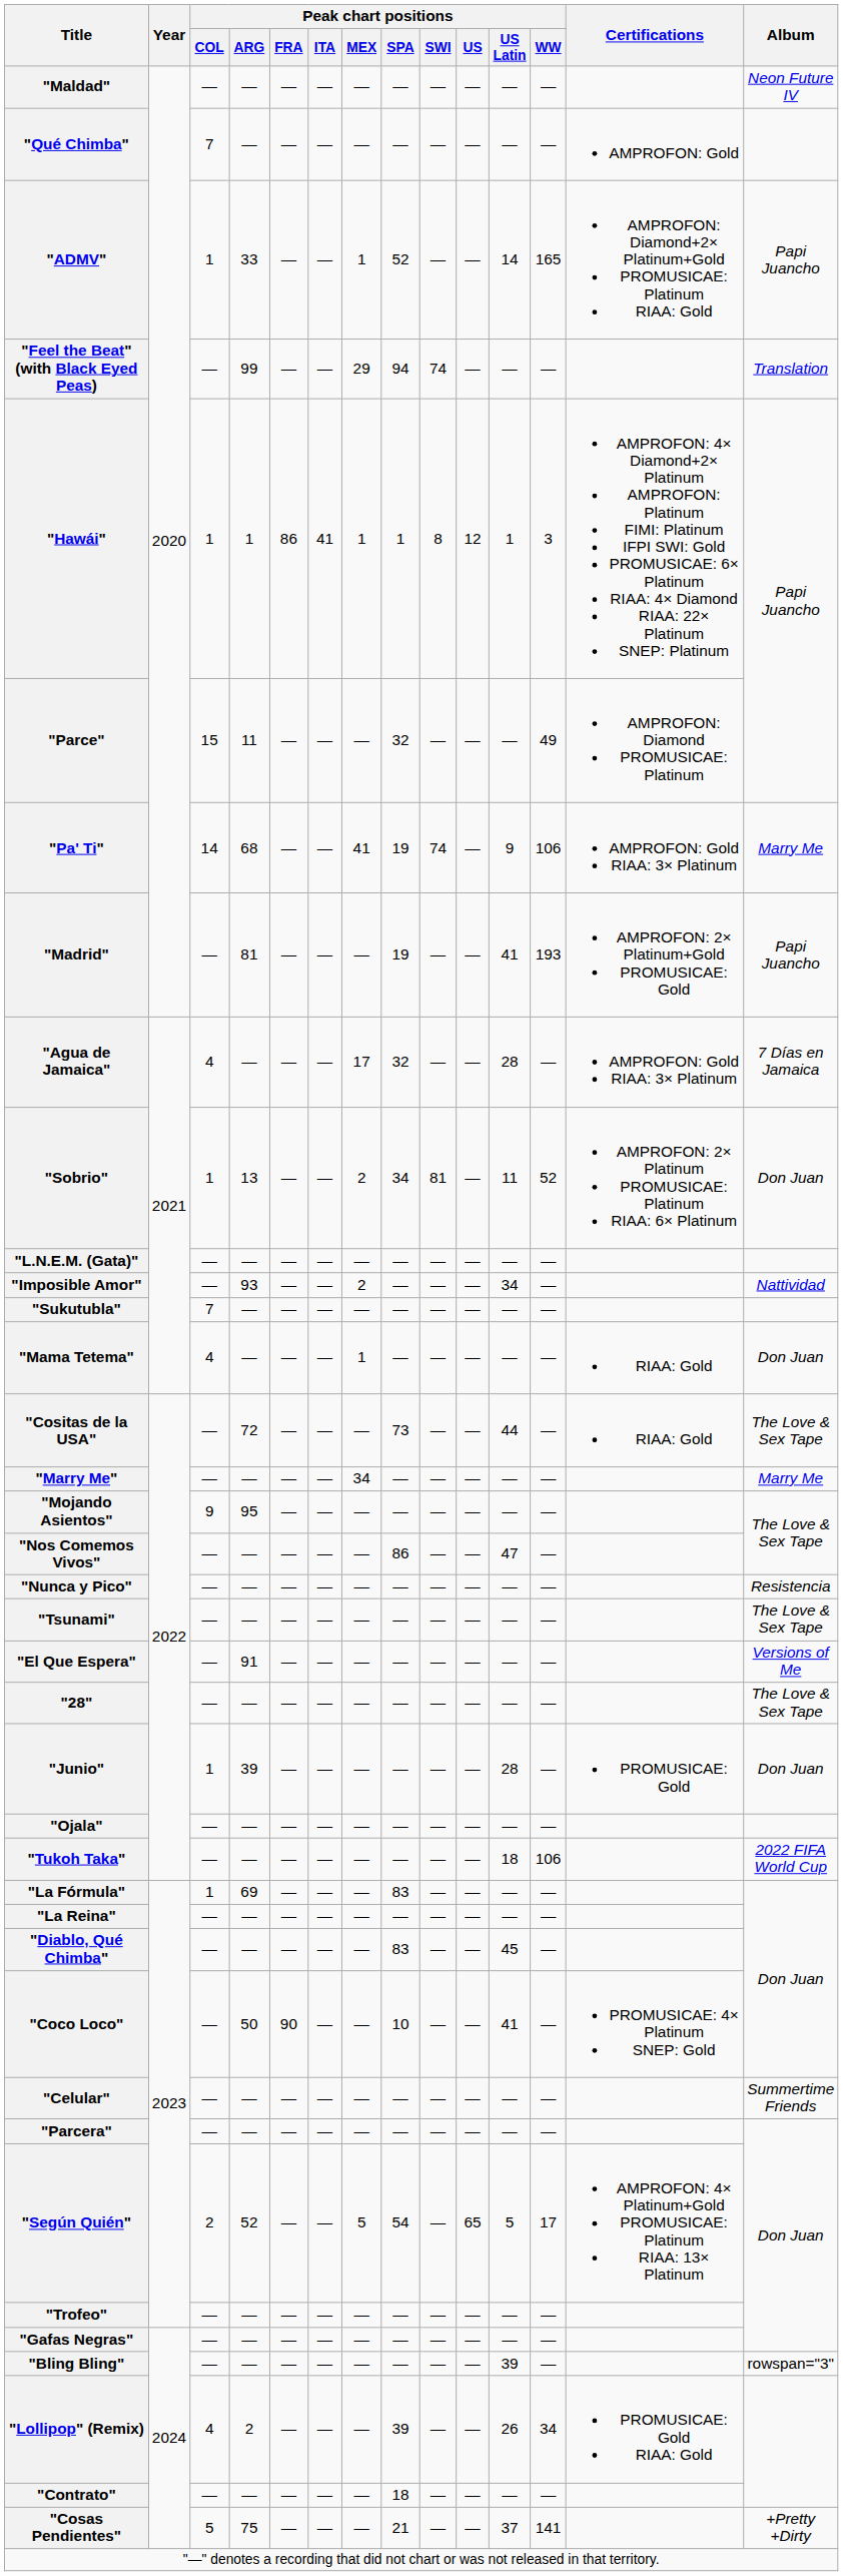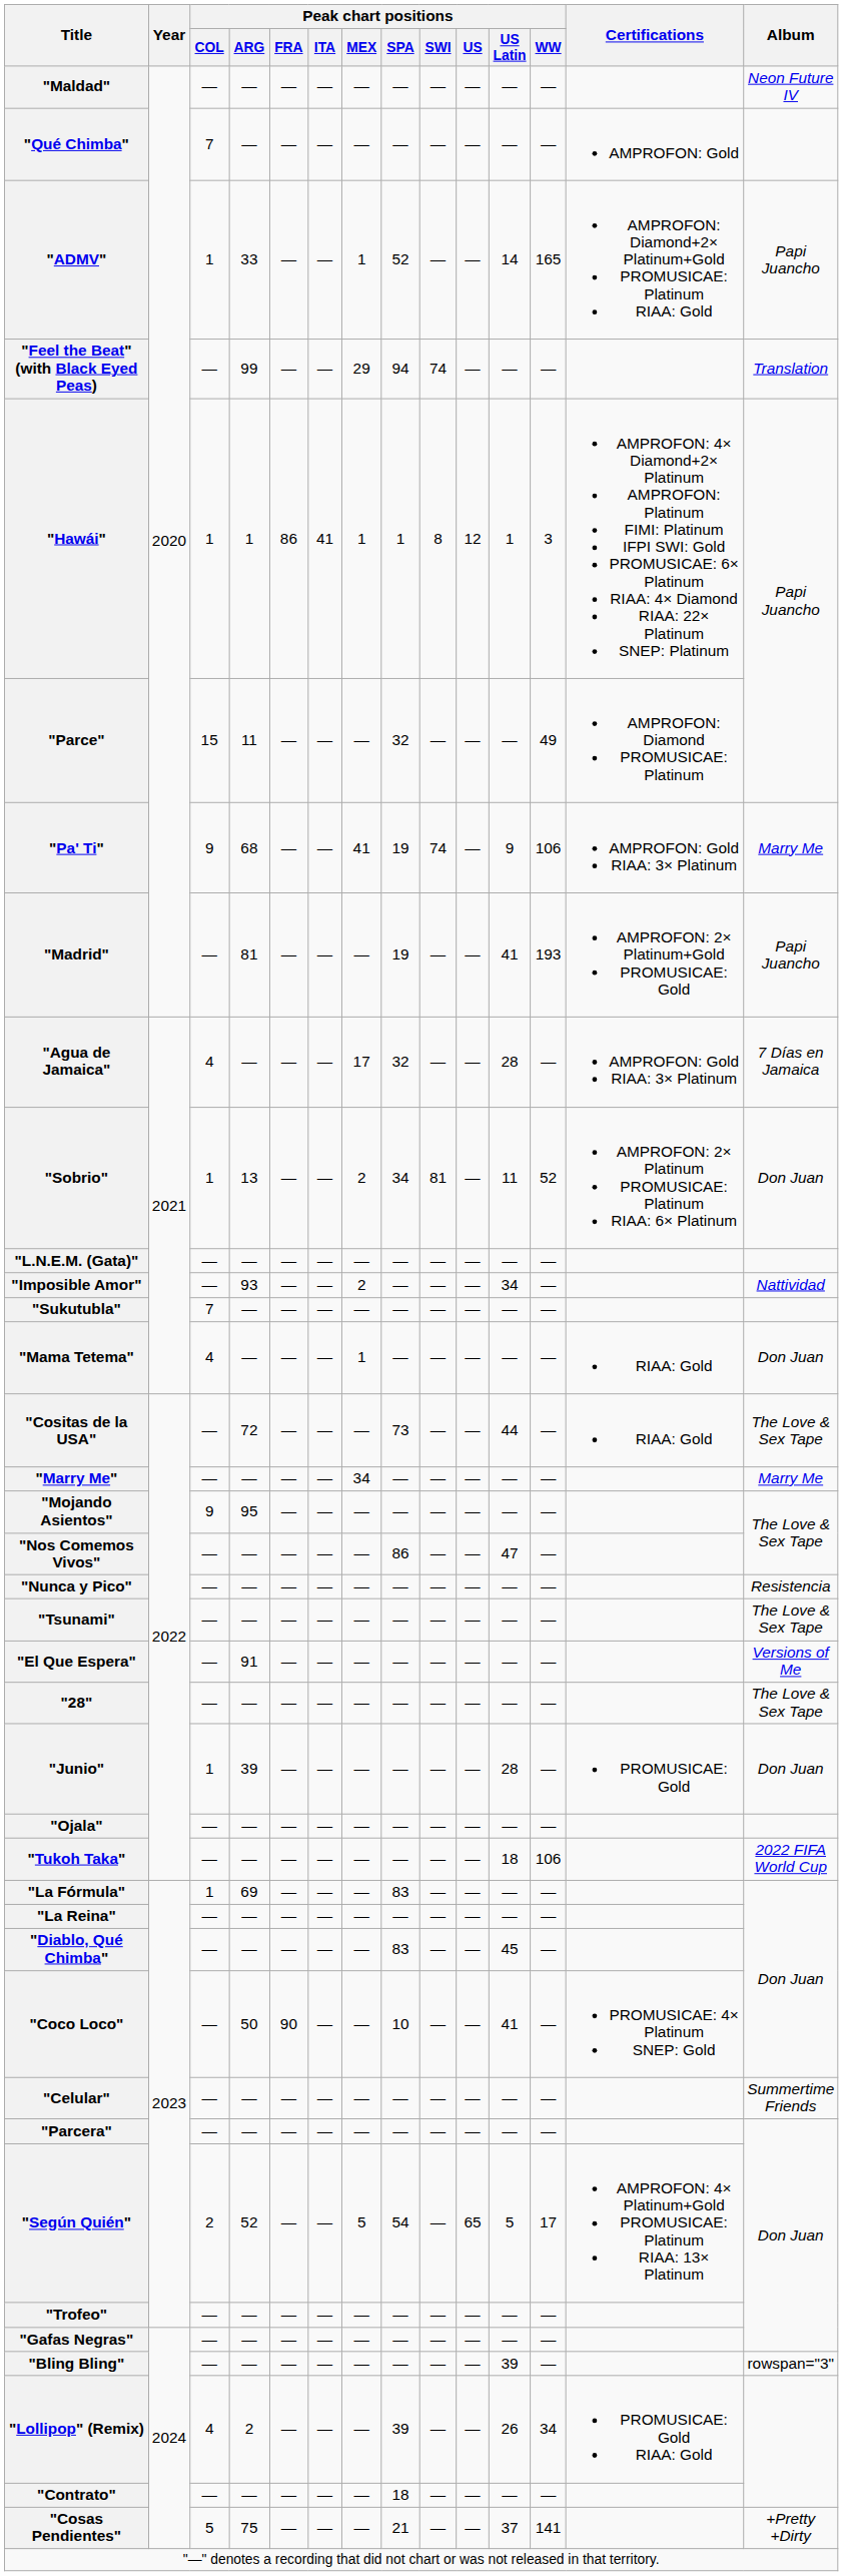 <table class="wikitable plainrowheaders" style="text-align:center;">
 <tr>
 <th scope="col" rowspan="2" style="width:16.5em;">Title</th>
 <th scope="col" rowspan="2" style="width:1em;">Year</th>
 <th scope="col" colspan="10">Peak chart positions</th>
 <th scope="col" rowspan="2" style="width:15em;"><a href='#'>Certifications</a></th>
 <th scope="col" rowspan="2">Album</th>
 </tr>
 <tr>
 <th scope="col" style="width:3em;font-size:90%;"><a href='#'>COL</a><br></th>
 <th scope="col" style="width:3em;font-size:90%;"><a href='#'>ARG</a><br></th>
 <th scope="col" style="width:3em;font-size:90%;"><a href='#'>FRA</a><br></th>
 <th scope="col" style="width:3em;font-size:90%;"><a href='#'>ITA</a><br></th>
 <th scope="col" style="width:3em;font-size:90%;"><a href='#'>MEX</a><br></th>
 <th scope="col" style="width:3em;font-size:90%;"><a href='#'>SPA</a><br></th>
 <th scope="col" style="width:3em;font-size:90%;"><a href='#'>SWI</a><br></th>
 <th scope="col" style="width:3em;font-size:90%;"><a href='#'>US</a><br></th>
 <th scope="col" style="width:3em;font-size:90%;"><a href='#'>US<br>Latin</a><br></th>
 <th scope="col" style="width:2.5em;font-size:90%;"><a href='#'>WW</a><br></th>
 </tr>
 <tr>
 <th scope="row">"Maldad"<br></th>
 <td rowspan="8">2020</td>
 <td>—</td>
 <td>—</td>
 <td>—</td>
 <td>—</td>
 <td>—</td>
 <td>—</td>
 <td>—</td>
 <td>—</td>
 <td>—</td>
 <td>—</td>
 <td></td>
 <td><em><a href='#'>Neon Future IV</a></em></td>
 </tr>
 <tr>
 <th scope="row">"<a href='#'>Qué Chimba</a>"</th>
 <td>7</td>
 <td>—</td>
 <td>—</td>
 <td>—</td>
 <td>—</td>
 <td>—</td>
 <td>—</td>
 <td>—</td>
 <td>—</td>
 <td>—</td>
 <td><br><ul><li>AMPROFON: Gold</li></ul></td>
 <td></td>
 </tr>
 <tr>
 <th scope="row">"<a href='#'>ADMV</a>"</th>
 <td>1</td>
 <td>33</td>
 <td>—</td>
 <td>—</td>
 <td>1</td>
 <td>52</td>
 <td>—</td>
 <td>—</td>
 <td>14</td>
 <td>165</td>
 <td><br><ul><li>AMPROFON: Diamond+2× Platinum+Gold</li><li>PROMUSICAE: Platinum</li><li>RIAA: Gold </li></ul></td>
 <td><em>Papi Juancho</em></td>
 </tr>
 <tr>
 <th scope="row">"<a href='#'>Feel the Beat</a>"<br><span>(with <a href='#'>Black Eyed Peas</a>)</span></th>
 <td>—</td>
 <td>99</td>
 <td>—</td>
 <td>—</td>
 <td>29</td>
 <td>94</td>
 <td>74</td>
 <td>—</td>
 <td>—</td>
 <td>—</td>
 <td></td>
 <td><em><a href='#'>Translation</a></em></td>
 </tr>
 <tr>
 <th scope="row">"<a href='#'>Hawái</a>"</th>
 <td>1</td>
 <td>1</td>
 <td>86</td>
 <td>41</td>
 <td>1</td>
 <td>1</td>
 <td>8</td>
 <td>12</td>
 <td>1</td>
 <td>3</td>
 <td><br><ul><li>AMPROFON: 4× Diamond+2× Platinum</li><li>AMPROFON: Platinum </li><li>FIMI: Platinum </li><li>IFPI SWI: Gold</li><li>PROMUSICAE: 6× Platinum</li><li>RIAA: 4× Diamond </li><li>RIAA: 22× Platinum  </li><li>SNEP: Platinum</li></ul></td>
 <td rowspan="2"><em>Papi Juancho</em></td>
 </tr>
 <tr>
 <th scope="row">"Parce"<br></th>
 <td>15</td>
 <td>11</td>
 <td>—</td>
 <td>—</td>
 <td>—</td>
 <td>32</td>
 <td>—</td>
 <td>—</td>
 <td>—</td>
 <td>49</td>
 <td><br><ul><li>AMPROFON: Diamond</li><li>PROMUSICAE: Platinum</li></ul></td>
 </tr>
 <tr>
 <th scope="row">"<a href='#'>Pa' Ti</a>"<br></th>
-<td>14</td>
+<td>9</td>
 <td>68</td>
 <td>—</td>
 <td>—</td>
 <td>41</td>
 <td>19</td>
 <td>74</td>
 <td>—</td>
 <td>9</td>
 <td>106</td>
 <td><br><ul><li>AMPROFON: Gold</li><li>RIAA: 3× Platinum </li></ul></td>
 <td><em><a href='#'>Marry Me</a></em></td>
 </tr>
 <tr>
 <th scope="row">"Madrid"<br></th>
 <td>—</td>
 <td>81</td>
 <td>—</td>
 <td>—</td>
 <td>—</td>
 <td>19</td>
 <td>—</td>
 <td>—</td>
 <td>41</td>
 <td>193</td>
 <td><br><ul><li>AMPROFON: 2× Platinum+Gold</li><li>PROMUSICAE: Gold</li></ul></td>
 <td><em>Papi Juancho</em></td>
 </tr>
 <tr>
 <th scope="row">"Agua de Jamaica"</th>
 <td rowspan="6">2021</td>
 <td>4</td>
 <td>—</td>
 <td>—</td>
 <td>—</td>
 <td>17</td>
 <td>32</td>
 <td>—</td>
 <td>—</td>
 <td>28</td>
 <td>—</td>
 <td><br><ul><li>AMPROFON: Gold</li><li>RIAA: 3× Platinum </li></ul></td>
 <td><em>7 Días en Jamaica</em></td>
 </tr>
 <tr>
 <th scope="row">"Sobrio"</th>
 <td>1</td>
 <td>13</td>
 <td>—</td>
 <td>—</td>
 <td>2</td>
 <td>34</td>
 <td>81</td>
 <td>—</td>
 <td>11</td>
 <td>52</td>
 <td><br><ul><li>AMPROFON: 2× Platinum</li><li>PROMUSICAE: Platinum</li><li>RIAA: 6× Platinum </li></ul></td>
 <td><em>Don Juan</em></td>
 </tr>
 <tr>
 <th scope="row">"L.N.E.M. (Gata)"<br></th>
 <td>—</td>
 <td>—</td>
 <td>—</td>
 <td>—</td>
 <td>—</td>
 <td>—</td>
 <td>—</td>
 <td>—</td>
 <td>—</td>
 <td>—</td>
 <td></td>
 <td></td>
 </tr>
 <tr>
 <th scope="row">"Imposible Amor"<br></th>
 <td>—</td>
 <td>93</td>
 <td>—</td>
 <td>—</td>
 <td>2</td>
 <td>—</td>
 <td>—</td>
 <td>—</td>
 <td>34</td>
 <td>—</td>
 <td></td>
 <td><em><a href='#'>Nattividad</a></em></td>
 </tr>
 <tr>
 <th scope="row">"Sukutubla"<br></th>
 <td>7</td>
 <td>—</td>
 <td>—</td>
 <td>—</td>
 <td>—</td>
 <td>—</td>
 <td>—</td>
 <td>—</td>
 <td>—</td>
 <td>—</td>
 <td></td>
 <td></td>
 </tr>
 <tr>
 <th scope="row">"Mama Tetema"<br></th>
 <td>4</td>
 <td>—</td>
 <td>—</td>
 <td>—</td>
 <td>1</td>
 <td>—</td>
 <td>—</td>
 <td>—</td>
 <td>—</td>
 <td>—</td>
 <td><br><ul><li>RIAA: Gold </li></ul></td>
 <td><em>Don Juan</em></td>
 </tr>
 <tr>
 <th scope="row">"Cositas de la USA"</th>
 <td rowspan="11">2022</td>
 <td>—</td>
 <td>72</td>
 <td>—</td>
 <td>—</td>
 <td>—</td>
 <td>73</td>
 <td>—</td>
 <td>—</td>
 <td>44</td>
 <td>—</td>
 <td><br><ul><li>RIAA: Gold </li></ul></td>
 <td><em>The Love & Sex Tape</em></td>
 </tr>
 <tr>
 <th scope="row">"<a href='#'>Marry Me</a>"<br></th>
 <td>—</td>
 <td>—</td>
 <td>—</td>
 <td>—</td>
 <td>34</td>
 <td>—</td>
 <td>—</td>
 <td>—</td>
 <td>—</td>
 <td>—</td>
 <td></td>
 <td><em><a href='#'>Marry Me</a></em></td>
 </tr>
 <tr>
 <th scope="row">"Mojando Asientos"<br></th>
 <td>9</td>
 <td>95</td>
 <td>—</td>
 <td>—</td>
 <td>—</td>
 <td>—</td>
 <td>—</td>
 <td>—</td>
 <td>—</td>
 <td>—</td>
 <td></td>
 <td rowspan="2"><em>The Love & Sex Tape</em></td>
 </tr>
 <tr>
 <th scope="row">"Nos Comemos Vivos"<br></th>
 <td>—</td>
 <td>—</td>
 <td>—</td>
 <td>—</td>
 <td>—</td>
 <td>86</td>
 <td>—</td>
 <td>—</td>
 <td>47</td>
 <td>—</td>
 <td></td>
 </tr>
 <tr>
 <th scope="row">"Nunca y Pico"<br></th>
 <td>—</td>
 <td>—</td>
 <td>—</td>
 <td>—</td>
 <td>—</td>
 <td>—</td>
 <td>—</td>
 <td>—</td>
 <td>—</td>
 <td>—</td>
 <td></td>
 <td><em>Resistencia</em></td>
 </tr>
 <tr>
 <th scope="row">"Tsunami"<br></th>
 <td>—</td>
 <td>—</td>
 <td>—</td>
 <td>—</td>
 <td>—</td>
 <td>—</td>
 <td>—</td>
 <td>—</td>
 <td>—</td>
 <td>—</td>
 <td></td>
 <td><em>The Love & Sex Tape</em></td>
 </tr>
 <tr>
 <th scope="row">"El Que Espera"<br></th>
 <td>—</td>
 <td>91</td>
 <td>—</td>
 <td>—</td>
 <td>—</td>
 <td>—</td>
 <td>—</td>
 <td>—</td>
 <td>—</td>
 <td>—</td>
 <td></td>
 <td><em><a href='#'>Versions of Me</a></em></td>
 </tr>
 <tr>
 <th scope="row">"28"</th>
 <td>—</td>
 <td>—</td>
 <td>—</td>
 <td>—</td>
 <td>—</td>
 <td>—</td>
 <td>—</td>
 <td>—</td>
 <td>—</td>
 <td>—</td>
 <td></td>
 <td><em>The Love & Sex Tape</em></td>
 </tr>
 <tr>
 <th scope="row">"Junio"</th>
 <td>1</td>
 <td>39</td>
 <td>—</td>
 <td>—</td>
 <td>—</td>
 <td>—</td>
 <td>—</td>
 <td>—</td>
 <td>28</td>
 <td>—</td>
 <td><br><ul><li>PROMUSICAE: Gold</li></ul></td>
 <td><em>Don Juan</em></td>
 </tr>
 <tr>
 <th scope="row">"Ojala"<br></th>
 <td>—</td>
 <td>—</td>
 <td>—</td>
 <td>—</td>
 <td>—</td>
 <td>—</td>
 <td>—</td>
 <td>—</td>
 <td>—</td>
 <td>—</td>
 <td></td>
 <td></td>
 </tr>
 <tr>
 <th scope="row">"<a href='#'>Tukoh Taka</a>"<br></th>
 <td>—</td>
 <td>—</td>
 <td>—</td>
 <td>—</td>
 <td>—</td>
 <td>—</td>
 <td>—</td>
 <td>—</td>
 <td>18</td>
 <td>106</td>
 <td></td>
 <td><em><a href='#'>2022 FIFA World Cup</a></em></td>
 </tr>
 <tr>
 <th scope="row">"La Fórmula"<br></th>
 <td rowspan="8">2023</td>
 <td>1</td>
 <td>69</td>
 <td>—</td>
 <td>—</td>
 <td>—</td>
 <td>83</td>
 <td>—</td>
 <td>—</td>
 <td>—</td>
 <td>—</td>
 <td></td>
 <td rowspan="4"><em>Don Juan</em></td>
 </tr>
 <tr>
 <th scope="row">"La Reina"</th>
 <td>—</td>
 <td>—</td>
 <td>—</td>
 <td>—</td>
 <td>—</td>
 <td>—</td>
 <td>—</td>
 <td>—</td>
 <td>—</td>
 <td>—</td>
 <td></td>
 </tr>
 <tr>
 <th scope="row">"<a href='#'>Diablo, Qué Chimba</a>"<br></th>
 <td>—</td>
 <td>—</td>
 <td>—</td>
 <td>—</td>
 <td>—</td>
 <td>83</td>
 <td>—</td>
 <td>—</td>
 <td>45</td>
 <td>—</td>
 <td></td>
 </tr>
 <tr>
 <th scope="row">"Coco Loco"</th>
 <td>—</td>
 <td>50</td>
 <td>90</td>
 <td>—</td>
 <td>—</td>
 <td>10</td>
 <td>—</td>
 <td>—</td>
 <td>41</td>
 <td>—</td>
 <td><br><ul><li>PROMUSICAE: 4× Platinum</li><li>SNEP: Gold</li></ul></td>
 </tr>
 <tr>
 <th scope="row">"Celular"<br></th>
 <td>—</td>
 <td>—</td>
 <td>—</td>
 <td>—</td>
 <td>—</td>
 <td>—</td>
 <td>—</td>
 <td>—</td>
 <td>—</td>
 <td>—</td>
 <td></td>
 <td><em>Summertime Friends</em></td>
 </tr>
 <tr>
 <th scope="row">"Parcera"<br></th>
 <td>—</td>
 <td>—</td>
 <td>—</td>
 <td>—</td>
 <td>—</td>
 <td>—</td>
 <td>—</td>
 <td>—</td>
 <td>—</td>
 <td>—</td>
 <td></td>
 <td rowspan="4"><em>Don Juan</em></td>
 </tr>
 <tr>
 <th scope="row">"<a href='#'>Según Quién</a>"<br></th>
 <td>2</td>
 <td>52</td>
 <td>—</td>
 <td>—</td>
 <td>5</td>
 <td>54</td>
 <td>—</td>
 <td>65</td>
 <td>5</td>
 <td>17</td>
 <td><br><ul><li>AMPROFON: 4× Platinum+Gold</li><li>PROMUSICAE: Platinum</li><li>RIAA: 13× Platinum </li></ul></td>
 </tr>
 <tr>
 <th scope="row">"Trofeo"<br></th>
 <td>—</td>
 <td>—</td>
 <td>—</td>
 <td>—</td>
 <td>—</td>
 <td>—</td>
 <td>—</td>
 <td>—</td>
 <td>—</td>
 <td>—</td>
 <td></td>
 </tr>
 <tr>
 <th scope="row">"Gafas Negras"<br></th>
 <td rowspan="5">2024</td>
 <td>—</td>
 <td>—</td>
 <td>—</td>
 <td>—</td>
 <td>—</td>
 <td>—</td>
 <td>—</td>
 <td>—</td>
 <td>—</td>
 <td>—</td>
 <td></td>
 </tr>
 <tr>
 <th scope="row">"Bling Bling"<br></th>
 <td>—</td>
 <td>—</td>
 <td>—</td>
 <td>—</td>
 <td>—</td>
 <td>—</td>
 <td>—</td>
 <td>—</td>
 <td>39</td>
 <td>—</td>
 <td></td>
 <td>rowspan="3" </td>
 </tr>
 <tr>
 <th scope="row">"<a href='#'>Lollipop</a>" (Remix)<br></th>
 <td>4</td>
 <td>2</td>
 <td>—</td>
 <td>—</td>
 <td>—</td>
 <td>39</td>
 <td>—</td>
 <td>—</td>
 <td>26</td>
 <td>34</td>
 <td><br><ul><li>PROMUSICAE: Gold</li><li>RIAA: Gold </li></ul></td>
 </tr>
 <tr>
 <th scope="row">"Contrato"</th>
 <td>—</td>
 <td>—</td>
 <td>—</td>
 <td>—</td>
 <td>—</td>
 <td>18</td>
 <td>—</td>
 <td>—</td>
 <td>—</td>
 <td>—</td>
 <td></td>
 </tr>
 <tr>
 <th scope="row">"Cosas Pendientes"</th>
 <td>5</td>
 <td>75</td>
 <td>—</td>
 <td>—</td>
 <td>—</td>
 <td>21</td>
 <td>—</td>
 <td>—</td>
 <td>37</td>
 <td>141</td>
 <td></td>
 <td><em>+Pretty +Dirty</em></td>
 </tr>
 <tr>
 <td colspan="14" style="font-size:90%">"—" denotes a recording that did not chart or was not released in that territory.</td>
 </tr>
 </table>
